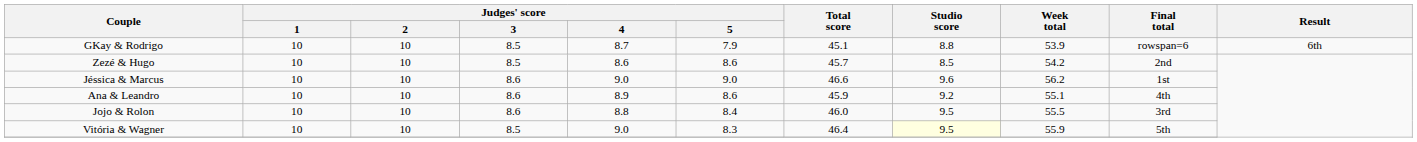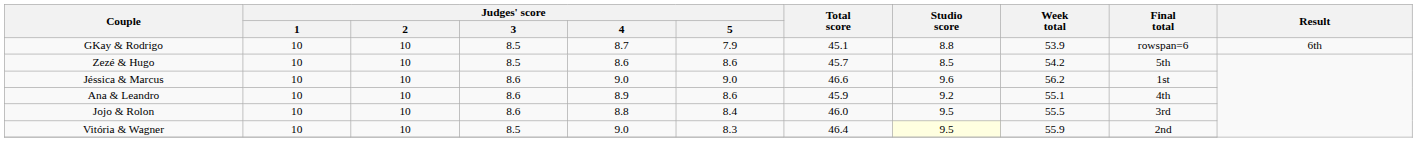 <table class="wikitable" style="font-size:100%; line-height:16px; text-align:center" width="100%">
 <tr>
 <th rowspan=2 width="11.00%">Couple</th>
 <th colspan=5 width="25.00%">Judges' score</th>
 <th rowspan=2 width="05.00%">Total<br>score</th>
 <th rowspan=2 width="05.00%">Studio<br>score</th>
 <th rowspan=2 width="05.00%">Week<br>total</th>
 <th rowspan=2 width="05.00%">Final<br>total</th>
 <th rowspan=2 width="09.00%">Result</th>
 </tr>
 <tr>
 <th width="05.00%">1</th>
 <th width="05.00%">2</th>
 <th width="05.00%">3</th>
 <th width="05.00%">4</th>
 <th width="05.00%">5</th>
 </tr>
 <tr>
 <td>GKay & Rodrigo</td>
 <td>10</td>
 <td>10</td>
 <td>8.5</td>
 <td>8.7</td>
 <td>7.9</td>
 <td>45.1</td>
 <td>8.8</td>
 <td>53.9</td>
 <td>rowspan=6 </td>
 <td>6th</td>
 </tr>
 <tr>
 <td>Zezé & Hugo</td>
 <td>10</td>
 <td>10</td>
 <td>8.5</td>
 <td>8.6</td>
 <td>8.6</td>
 <td>45.7</td>
 <td>8.5</td>
 <td>54.2</td>
-<td>2nd</td>
+<td>5th</td>
 </tr>
 <tr>
 <td>Jéssica & Marcus</td>
 <td>10</td>
 <td>10</td>
 <td>8.6</td>
 <td>9.0</td>
 <td>9.0</td>
 <td>46.6</td>
 <td>9.6</td>
 <td>56.2</td>
 <td>1st</td>
 </tr>
 <tr>
 <td>Ana & Leandro</td>
 <td>10</td>
 <td>10</td>
 <td>8.6</td>
 <td>8.9</td>
 <td>8.6</td>
 <td>45.9</td>
 <td>9.2</td>
 <td>55.1</td>
 <td>4th</td>
 </tr>
 <tr>
 <td>Jojo & Rolon</td>
 <td>10</td>
 <td>10</td>
 <td>8.6</td>
 <td>8.8</td>
 <td>8.4</td>
 <td>46.0</td>
 <td>9.5</td>
 <td>55.5</td>
 <td>3rd</td>
 </tr>
 <tr>
 <td>Vitória & Wagner</td>
 <td>10</td>
 <td>10</td>
 <td>8.5</td>
 <td>9.0</td>
 <td>8.3</td>
 <td>46.4</td>
 <td style="background: lightyellow;">9.5</td>
 <td>55.9</td>
-<td>5th</td>
+<td>2nd</td>
 </tr>
 <tr>
 </tr>
 </table>
